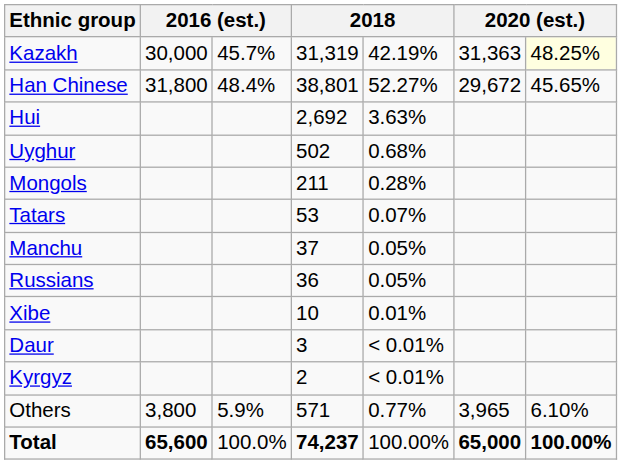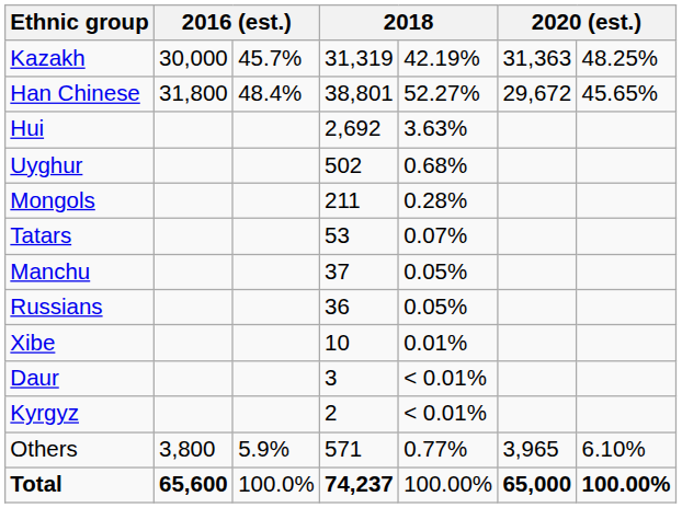 <table class="wikitable">
 <tr>
 <th>Ethnic group</th>
 <th colspan="2">2016 (est.)</th>
 <th colspan="2">2018</th>
 <th colspan="2">2020 (est.)</th>
 </tr>
 <tr>
 <td><a href='#'>Kazakh</a></td>
 <td>30,000</td>
 <td>45.7%</td>
 <td>31,319</td>
 <td>42.19%</td>
 <td>31,363</td>
-<td style="background: lightyellow;">48.25%</td>
+<td>48.25%</td>
 </tr>
 <tr>
 <td><a href='#'>Han Chinese</a></td>
 <td>31,800</td>
 <td>48.4%</td>
 <td>38,801</td>
 <td>52.27%</td>
 <td>29,672</td>
 <td>45.65%</td>
 </tr>
 <tr>
 <td><a href='#'>Hui</a></td>
 <td></td>
 <td></td>
 <td>2,692</td>
 <td>3.63%</td>
 <td></td>
 <td></td>
 </tr>
 <tr>
 <td><a href='#'>Uyghur</a></td>
 <td></td>
 <td></td>
 <td>502</td>
 <td>0.68%</td>
 <td></td>
 <td></td>
 </tr>
 <tr>
 <td><a href='#'>Mongols</a></td>
 <td></td>
 <td></td>
 <td>211</td>
 <td>0.28%</td>
 <td></td>
 <td></td>
 </tr>
 <tr>
 <td><a href='#'>Tatars</a></td>
 <td></td>
 <td></td>
 <td>53</td>
 <td>0.07%</td>
 <td></td>
 <td></td>
 </tr>
 <tr>
 <td><a href='#'>Manchu</a></td>
 <td></td>
 <td></td>
 <td>37</td>
 <td>0.05%</td>
 <td></td>
 <td></td>
 </tr>
 <tr>
 <td><a href='#'>Russians</a></td>
 <td></td>
 <td></td>
 <td>36</td>
 <td>0.05%</td>
 <td></td>
 <td></td>
 </tr>
 <tr>
 <td><a href='#'>Xibe</a></td>
 <td></td>
 <td></td>
 <td>10</td>
 <td>0.01%</td>
 <td></td>
 <td></td>
 </tr>
 <tr>
 <td><a href='#'>Daur</a></td>
 <td></td>
 <td></td>
 <td>3</td>
 <td>< 0.01%</td>
 <td></td>
 <td></td>
 </tr>
 <tr>
 <td><a href='#'>Kyrgyz</a></td>
 <td></td>
 <td></td>
 <td>2</td>
 <td>< 0.01%</td>
 <td></td>
 <td></td>
 </tr>
 <tr>
 <td>Others</td>
 <td>3,800</td>
 <td>5.9%</td>
 <td>571</td>
 <td>0.77%</td>
 <td>3,965</td>
 <td>6.10%</td>
 </tr>
 <tr>
 <td><strong>Total</strong></td>
 <td><strong>65,600</strong></td>
 <td>100.0%</td>
 <td><strong>74,237</strong></td>
 <td>100.00%</td>
 <td><strong>65,000</strong></td>
 <td><strong>100.00%</strong></td>
 </tr>
 </table>
